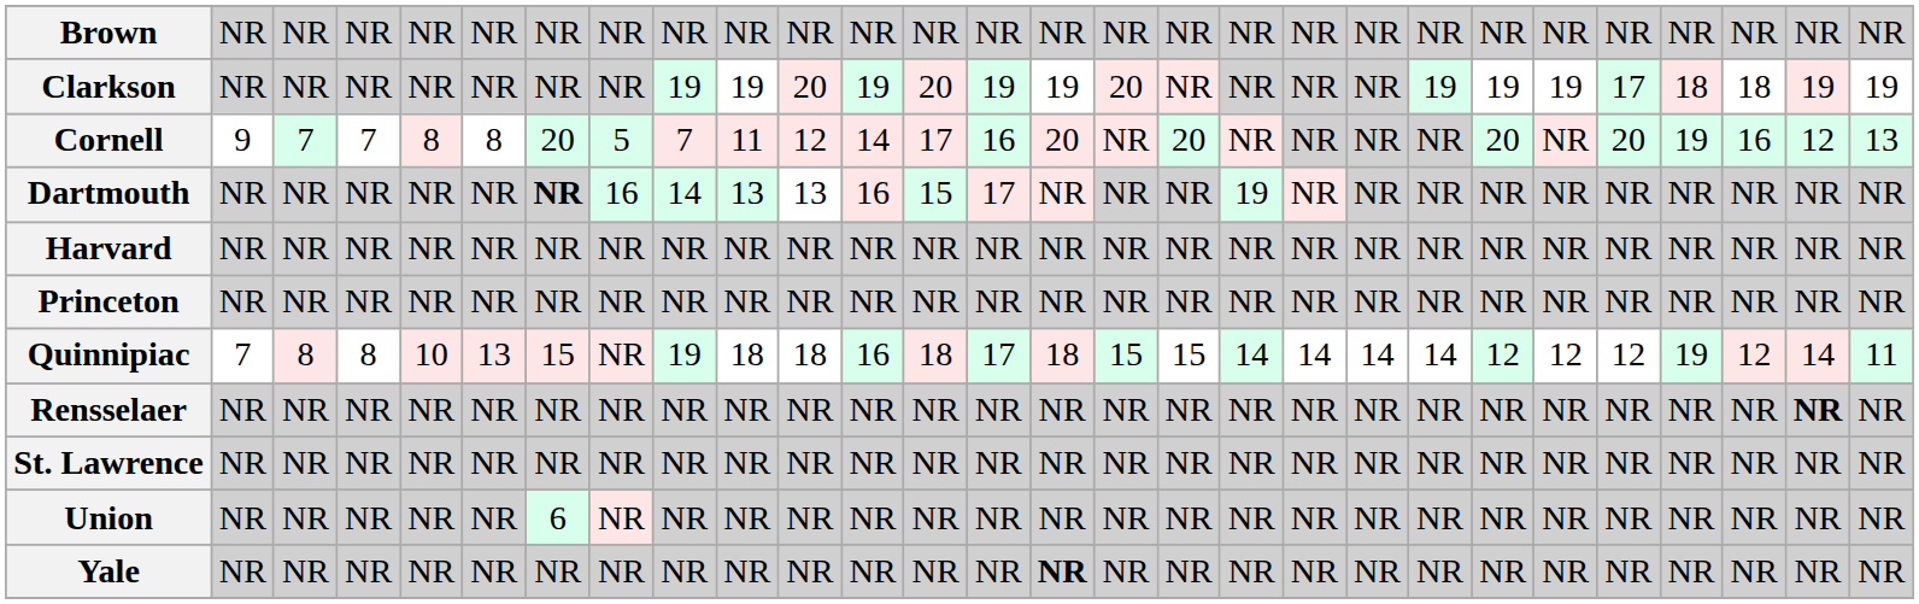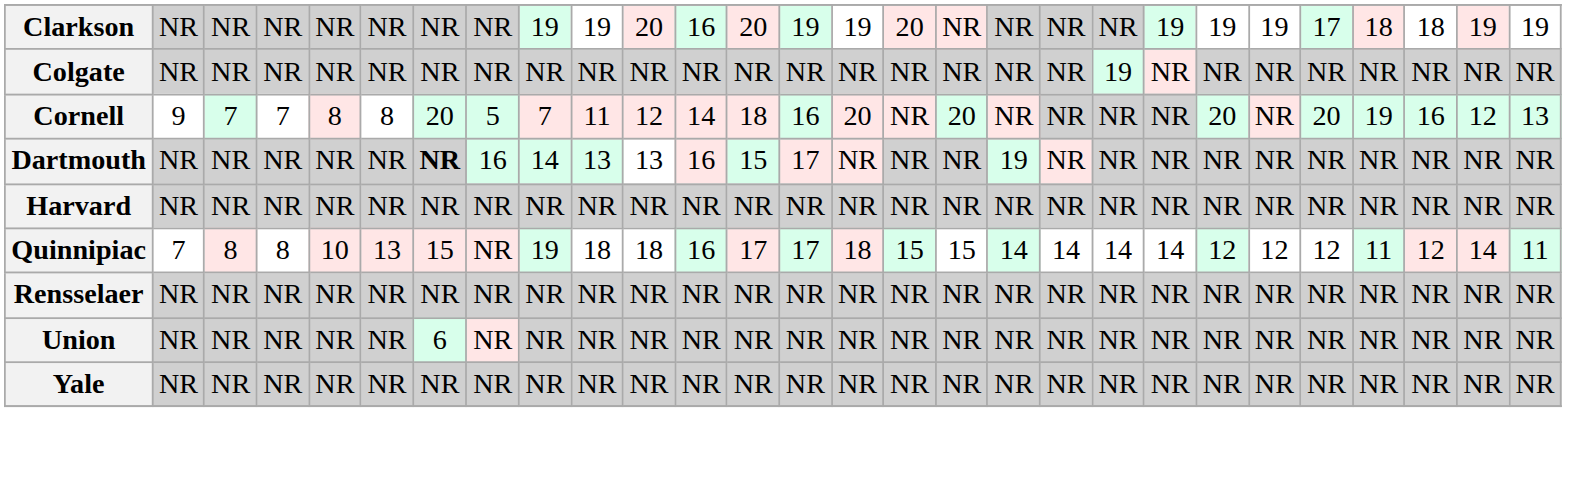 <table class="wikitable sortable" style="text-align: center;">
 <tr>
 </tr>
 <tr bgcolor=d0d0d0>
-<th>Brown</th>
+<th>Clarkson</th>
+<td>NR</td>
+<td>NR</td>
+<td>NR</td>
+<td>NR</td>
+<td>NR</td>
+<td>NR</td>
+<td>NR</td>
+<td bgcolor=D8FFEB>19</td>
+<td bgcolor=FFFFFF>19</td>
+<td bgcolor=FFE6E6>20</td>
+<td bgcolor=D8FFEB>16</td>
+<td bgcolor=FFE6E6>20</td>
+<td bgcolor=D8FFEB>19</td>
+<td bgcolor=FFFFFF>19</td>
+<td bgcolor=FFE6E6>20</td>
+<td bgcolor=FFE6E6>NR</td>
+<td>NR</td>
+<td>NR</td>
+<td>NR</td>
+<td bgcolor=D8FFEB>19</td>
+<td bgcolor=FFFFFF>19</td>
+<td bgcolor=FFFFFF>19</td>
+<td bgcolor=D8FFEB>17</td>
+<td bgcolor=FFE6E6>18</td>
+<td bgcolor=FFFFFF>18</td>
+<td bgcolor=FFE6E6>19</td>
+<td bgcolor=FFFFFF>19</td>
+</tr>
+<tr bgcolor=d0d0d0>
+<th>Colgate</th>
 <td>NR</td>
 <td>NR</td>
 <td>NR</td>
 <td>NR</td>
 <td>NR</td>
 <td>NR</td>
 <td>NR</td>
 <td>NR</td>
 <td>NR</td>
 <td>NR</td>
 <td>NR</td>
 <td>NR</td>
 <td>NR</td>
 <td>NR</td>
 <td>NR</td>
 <td>NR</td>
 <td>NR</td>
 <td>NR</td>
+<td bgcolor=D8FFEB>19</td>
+<td bgcolor=FFE6E6>NR</td>
 <td>NR</td>
 <td>NR</td>
 <td>NR</td>
 <td>NR</td>
 <td>NR</td>
 <td>NR</td>
 <td>NR</td>
-<td>NR</td>
-<td>NR</td>
-</tr>
-<tr bgcolor=d0d0d0>
-<th>Clarkson</th>
-<td>NR</td>
-<td>NR</td>
-<td>NR</td>
-<td>NR</td>
-<td>NR</td>
-<td>NR</td>
-<td>NR</td>
-<td bgcolor=D8FFEB>19</td>
-<td bgcolor=FFFFFF>19</td>
-<td bgcolor=FFE6E6>20</td>
-<td bgcolor=D8FFEB>19</td>
-<td bgcolor=FFE6E6>20</td>
-<td bgcolor=D8FFEB>19</td>
-<td bgcolor=FFFFFF>19</td>
-<td bgcolor=FFE6E6>20</td>
-<td bgcolor=FFE6E6>NR</td>
-<td>NR</td>
-<td>NR</td>
-<td>NR</td>
-<td bgcolor=D8FFEB>19</td>
-<td bgcolor=FFFFFF>19</td>
-<td bgcolor=FFFFFF>19</td>
-<td bgcolor=D8FFEB>17</td>
-<td bgcolor=FFE6E6>18</td>
-<td bgcolor=FFFFFF>18</td>
-<td bgcolor=FFE6E6>19</td>
-<td bgcolor=FFFFFF>19</td>
 </tr>
 <tr bgcolor=d0d0d0>
 <th>Cornell</th>
 <td bgcolor=ffffff>9</td>
 <td bgcolor=D8FFEB>7</td>
 <td bgcolor=FFFFFF>7</td>
 <td bgcolor=FFE6E6>8</td>
 <td bgcolor=FFFFFF>8</td>
 <td bgcolor=D8FFEB>20</td>
 <td bgcolor=D8FFEB>5</td>
 <td bgcolor=FFE6E6>7</td>
 <td bgcolor=FFE6E6>11</td>
 <td bgcolor=FFE6E6>12</td>
 <td bgcolor=FFE6E6>14</td>
-<td bgcolor=FFE6E6>17</td>
+<td bgcolor=FFE6E6>18</td>
 <td bgcolor=D8FFEB>16</td>
 <td bgcolor=FFE6E6>20</td>
 <td bgcolor=FFE6E6>NR</td>
 <td bgcolor=D8FFEB>20</td>
 <td bgcolor=FFE6E6>NR</td>
 <td>NR</td>
 <td>NR</td>
 <td>NR</td>
 <td bgcolor=D8FFEB>20</td>
 <td bgcolor=FFE6E6>NR</td>
 <td bgcolor=D8FFEB>20</td>
 <td bgcolor=D8FFEB>19</td>
 <td bgcolor=D8FFEB>16</td>
 <td bgcolor=D8FFEB>12</td>
 <td bgcolor=D8FFEB>13</td>
 </tr>
 <tr bgcolor=d0d0d0>
 <th>Dartmouth</th>
 <td>NR</td>
 <td>NR</td>
 <td>NR</td>
 <td>NR</td>
 <td>NR</td>
 <td><strong>NR</strong></td>
 <td bgcolor=D8FFEB>16</td>
 <td bgcolor=D8FFEB>14</td>
 <td bgcolor=D8FFEB>13</td>
 <td bgcolor=FFFFFF>13</td>
 <td bgcolor=FFE6E6>16</td>
 <td bgcolor=D8FFEB>15</td>
 <td bgcolor=FFE6E6>17</td>
 <td bgcolor=FFE6E6>NR</td>
 <td>NR</td>
 <td>NR</td>
 <td bgcolor=D8FFEB>19</td>
 <td bgcolor=FFE6E6>NR</td>
 <td>NR</td>
 <td>NR</td>
 <td>NR</td>
 <td>NR</td>
 <td>NR</td>
 <td>NR</td>
 <td>NR</td>
 <td>NR</td>
 <td>NR</td>
 </tr>
 <tr bgcolor=d0d0d0>
 <th>Harvard</th>
 <td>NR</td>
 <td>NR</td>
 <td>NR</td>
 <td>NR</td>
 <td>NR</td>
 <td>NR</td>
 <td>NR</td>
 <td>NR</td>
 <td>NR</td>
 <td>NR</td>
 <td>NR</td>
 <td>NR</td>
 <td>NR</td>
 <td>NR</td>
 <td>NR</td>
 <td>NR</td>
 <td>NR</td>
 <td>NR</td>
 <td>NR</td>
 <td>NR</td>
 <td>NR</td>
 <td>NR</td>
 <td>NR</td>
 <td>NR</td>
 <td>NR</td>
 <td>NR</td>
 <td>NR</td>
 </tr>
 <tr bgcolor=d0d0d0>
-<th>Princeton</th>
-<td>NR</td>
-<td>NR</td>
-<td>NR</td>
-<td>NR</td>
-<td>NR</td>
-<td>NR</td>
-<td>NR</td>
-<td>NR</td>
-<td>NR</td>
-<td>NR</td>
-<td>NR</td>
-<td>NR</td>
-<td>NR</td>
-<td>NR</td>
-<td>NR</td>
-<td>NR</td>
-<td>NR</td>
-<td>NR</td>
-<td>NR</td>
-<td>NR</td>
-<td>NR</td>
-<td>NR</td>
-<td>NR</td>
-<td>NR</td>
-<td>NR</td>
-<td>NR</td>
-<td>NR</td>
-</tr>
-<tr bgcolor=d0d0d0>
 <th>Quinnipiac</th>
 <td bgcolor=ffffff>7</td>
 <td bgcolor=FFE6E6>8</td>
 <td bgcolor=FFFFFF>8</td>
 <td bgcolor=FFE6E6>10</td>
 <td bgcolor=FFE6E6>13</td>
 <td bgcolor=FFE6E6>15</td>
 <td bgcolor=FFE6E6>NR</td>
 <td bgcolor=D8FFEB>19</td>
 <td bgcolor=FFFFFF>18</td>
 <td bgcolor=FFFFFF>18</td>
 <td bgcolor=D8FFEB>16</td>
-<td bgcolor=FFE6E6>18</td>
+<td bgcolor=FFE6E6>17</td>
 <td bgcolor=D8FFEB>17</td>
 <td bgcolor=FFE6E6>18</td>
 <td bgcolor=D8FFEB>15</td>
 <td bgcolor=FFFFFF>15</td>
 <td bgcolor=D8FFEB>14</td>
 <td bgcolor=FFFFFF>14</td>
 <td bgcolor=FFFFFF>14</td>
 <td bgcolor=FFFFFF>14</td>
 <td bgcolor=D8FFEB>12</td>
 <td bgcolor=FFFFFF>12</td>
 <td bgcolor=FFFFFF>12</td>
-<td bgcolor=D8FFEB>19</td>
+<td bgcolor=D8FFEB>11</td>
 <td bgcolor=FFE6E6>12</td>
 <td bgcolor=FFE6E6>14</td>
 <td bgcolor=D8FFEB>11</td>
 </tr>
 <tr bgcolor=d0d0d0>
 <th>Rensselaer</th>
-<td>NR</td>
-<td>NR</td>
-<td>NR</td>
-<td>NR</td>
-<td>NR</td>
-<td>NR</td>
-<td>NR</td>
-<td>NR</td>
-<td>NR</td>
-<td>NR</td>
-<td>NR</td>
-<td>NR</td>
-<td>NR</td>
-<td>NR</td>
-<td>NR</td>
-<td>NR</td>
-<td>NR</td>
-<td>NR</td>
-<td>NR</td>
-<td>NR</td>
-<td>NR</td>
-<td>NR</td>
-<td>NR</td>
-<td>NR</td>
-<td>NR</td>
-<td><strong>NR</strong></td>
-<td>NR</td>
-</tr>
-<tr bgcolor=d0d0d0>
-<th>St. Lawrence</th>
 <td>NR</td>
 <td>NR</td>
 <td>NR</td>
 <td>NR</td>
 <td>NR</td>
 <td>NR</td>
 <td>NR</td>
 <td>NR</td>
 <td>NR</td>
 <td>NR</td>
 <td>NR</td>
 <td>NR</td>
 <td>NR</td>
 <td>NR</td>
 <td>NR</td>
 <td>NR</td>
 <td>NR</td>
 <td>NR</td>
 <td>NR</td>
 <td>NR</td>
 <td>NR</td>
 <td>NR</td>
 <td>NR</td>
 <td>NR</td>
 <td>NR</td>
 <td>NR</td>
 <td>NR</td>
 </tr>
 <tr bgcolor=d0d0d0>
 <th>Union</th>
 <td>NR</td>
 <td>NR</td>
 <td>NR</td>
 <td>NR</td>
 <td>NR</td>
 <td bgcolor=D8FFEB>6</td>
 <td bgcolor=FFE6E6>NR</td>
 <td>NR</td>
 <td>NR</td>
 <td>NR</td>
 <td>NR</td>
 <td>NR</td>
 <td>NR</td>
 <td>NR</td>
 <td>NR</td>
 <td>NR</td>
 <td>NR</td>
 <td>NR</td>
 <td>NR</td>
 <td>NR</td>
 <td>NR</td>
 <td>NR</td>
 <td>NR</td>
 <td>NR</td>
 <td>NR</td>
 <td>NR</td>
 <td>NR</td>
 </tr>
 <tr bgcolor=d0d0d0>
 <th>Yale</th>
 <td>NR</td>
 <td>NR</td>
 <td>NR</td>
 <td>NR</td>
 <td>NR</td>
 <td>NR</td>
 <td>NR</td>
 <td>NR</td>
 <td>NR</td>
 <td>NR</td>
 <td>NR</td>
 <td>NR</td>
 <td>NR</td>
-<td><strong>NR</strong></td>
+<td>NR</td>
 <td>NR</td>
 <td>NR</td>
 <td>NR</td>
 <td>NR</td>
 <td>NR</td>
 <td>NR</td>
 <td>NR</td>
 <td>NR</td>
 <td>NR</td>
 <td>NR</td>
 <td>NR</td>
 <td>NR</td>
 <td>NR</td>
 </tr>
 <tr>
 </tr>
 </table>
